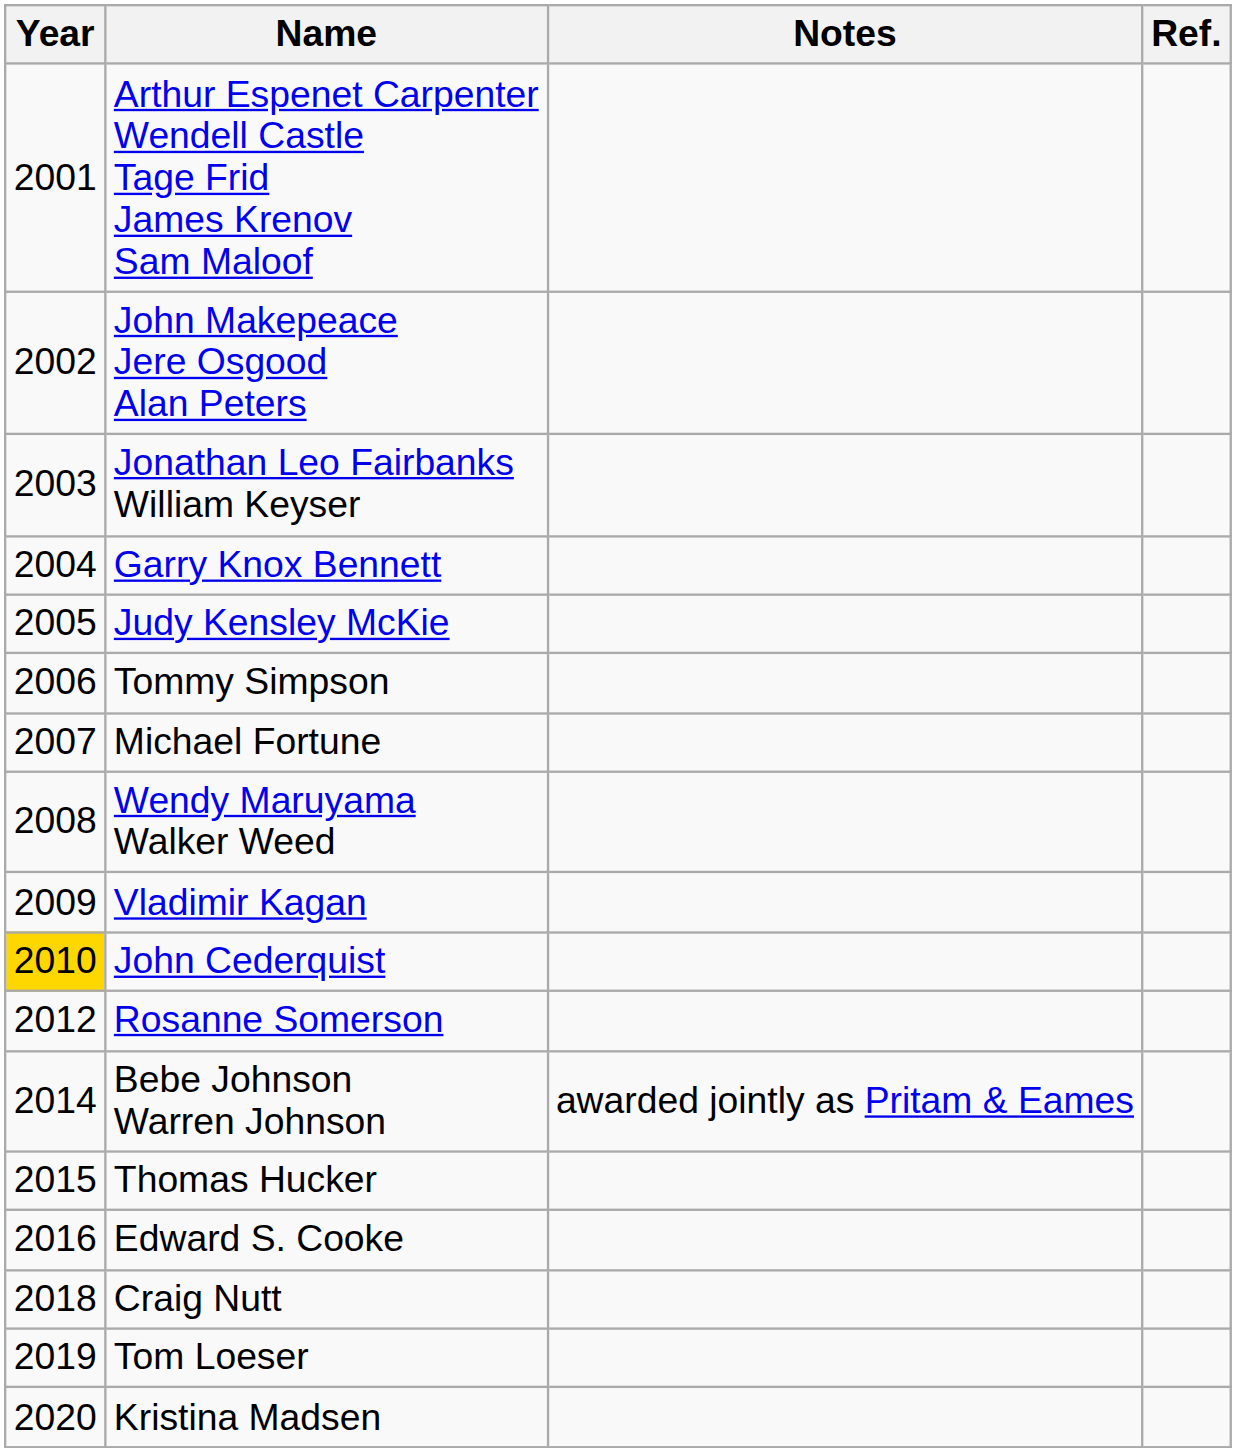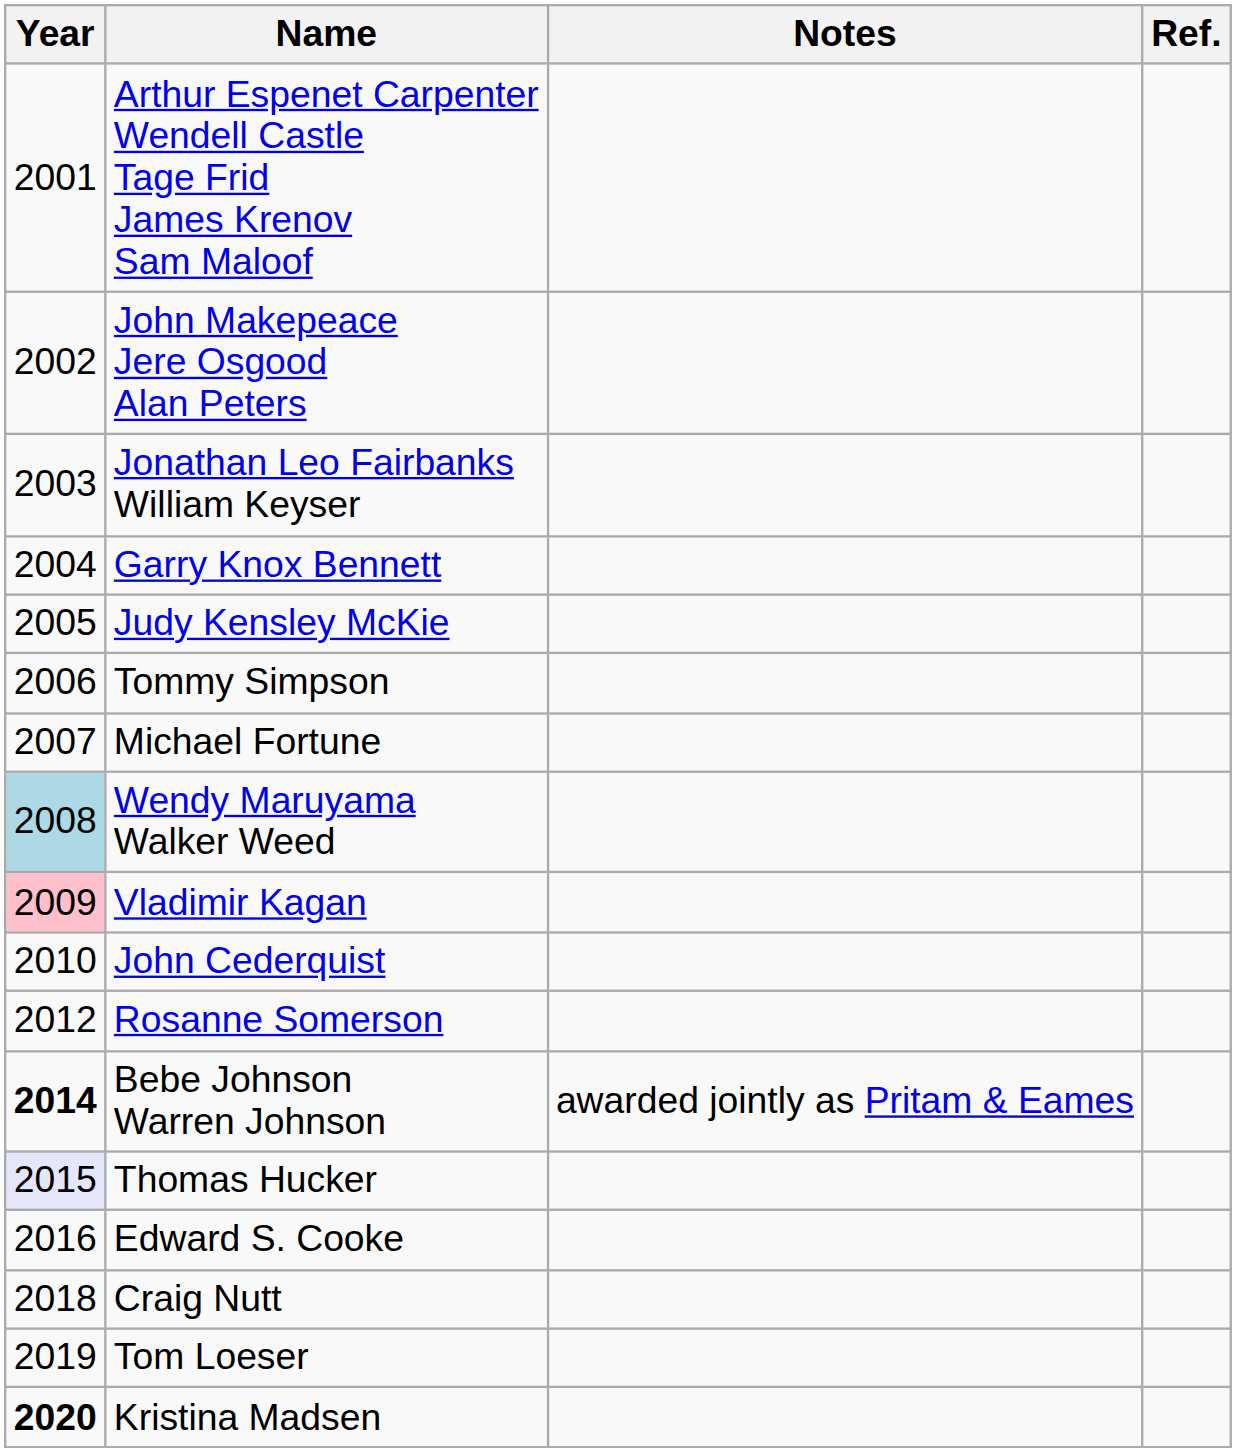 <table class="wikitable plainrowheaders">
 <tr>
 <th>Year</th>
 <th>Name</th>
 <th>Notes</th>
 <th>Ref.</th>
 </tr>
 <tr>
 <td>2001</td>
 <td><a href='#'>Arthur Espenet Carpenter</a><br><a href='#'>Wendell Castle</a><br><a href='#'>Tage Frid</a><br><a href='#'>James Krenov</a><br><a href='#'>Sam Maloof</a></td>
 <td></td>
 <td></td>
 </tr>
 <tr>
 <td>2002</td>
 <td><a href='#'>John Makepeace</a><br><a href='#'>Jere Osgood</a><br><a href='#'>Alan Peters</a></td>
 <td></td>
 <td></td>
 </tr>
 <tr>
 <td>2003</td>
 <td><a href='#'>Jonathan Leo Fairbanks</a><br>William Keyser</td>
 <td></td>
 <td></td>
 </tr>
 <tr>
 <td>2004</td>
 <td><a href='#'>Garry Knox Bennett</a></td>
 <td></td>
 <td></td>
 </tr>
 <tr>
 <td>2005</td>
 <td><a href='#'>Judy Kensley McKie</a></td>
 <td></td>
 <td></td>
 </tr>
 <tr>
 <td>2006</td>
 <td>Tommy Simpson</td>
 <td></td>
 <td></td>
 </tr>
 <tr>
 <td>2007</td>
 <td>Michael Fortune</td>
 <td></td>
 <td></td>
 </tr>
 <tr>
-<td>2008</td>
+<td style="background: lightblue;">2008</td>
 <td><a href='#'>Wendy Maruyama</a><br>Walker Weed</td>
 <td></td>
 <td></td>
 </tr>
 <tr>
-<td>2009</td>
+<td style="background: pink;">2009</td>
 <td><a href='#'>Vladimir Kagan</a></td>
 <td></td>
 <td></td>
 </tr>
 <tr>
-<td style="background: gold;">2010</td>
+<td>2010</td>
 <td><a href='#'>John Cederquist</a></td>
 <td></td>
 <td></td>
 </tr>
 <tr>
 <td>2012</td>
 <td><a href='#'>Rosanne Somerson</a></td>
 <td></td>
 <td></td>
 </tr>
 <tr>
-<td>2014</td>
+<td><strong>2014</strong></td>
 <td>Bebe Johnson<br>Warren Johnson</td>
 <td>awarded jointly as <a href='#'>Pritam & Eames</a></td>
 <td></td>
 </tr>
 <tr>
-<td>2015</td>
+<td style="background: lavender;">2015</td>
 <td>Thomas Hucker</td>
 <td></td>
 <td></td>
 </tr>
 <tr>
 <td>2016</td>
 <td>Edward S. Cooke</td>
 <td></td>
 <td></td>
 </tr>
 <tr>
 <td>2018</td>
 <td>Craig Nutt</td>
 <td></td>
 <td></td>
 </tr>
 <tr>
 <td>2019</td>
 <td>Tom Loeser</td>
 <td></td>
 <td></td>
 </tr>
 <tr>
-<td>2020</td>
+<td><strong>2020</strong></td>
 <td>Kristina Madsen</td>
 <td></td>
 <td></td>
 </tr>
 <tr>
 </tr>
 </table>
